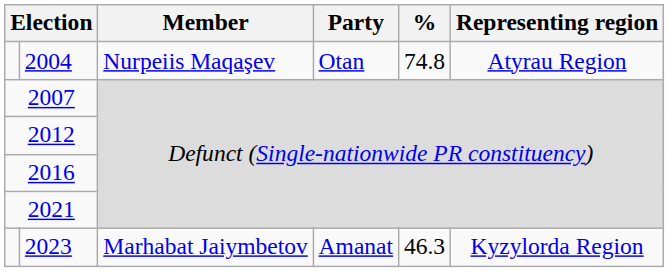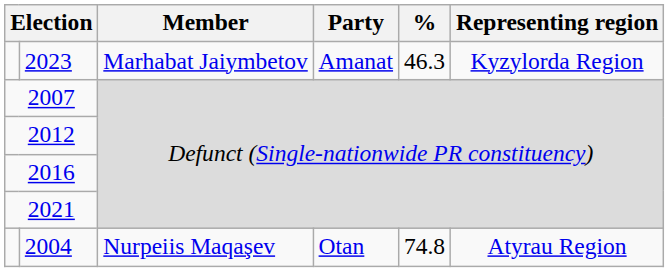 <table class="wikitable">
 <tr>
 <th colspan="2">Election</th>
 <th>Member</th>
 <th>Party</th>
 <th>%</th>
 <th>Representing region</th>
 </tr>
 <tr>
 <td style="background-color: "></td>
-<td><a href='#'>2004</a></td>
-<td><a href='#'>Nurpeiis Maqaşev</a></td>
-<td><a href='#'>Otan</a></td>
-<td align="right">74.8</td>
-<td align="center"><a href='#'>Atyrau Region</a></td>
+<td><a href='#'>2023</a></td>
+<td><a href='#'>Marhabat Jaiymbetov</a></td>
+<td><a href='#'>Amanat</a></td>
+<td align="right">46.3</td>
+<td align="center"><a href='#'>Kyzylorda Region</a></td>
 </tr>
 <tr>
 <td colspan="2" align="center"><a href='#'>2007</a></td>
 <td colspan="4" rowspan="4" align="center" style="background-color:#DCDCDC"><em>Defunct (<a href='#'>Single-nationwide PR constituency</a>)</em></td>
 </tr>
 <tr>
 <td colspan="2" align="center"><a href='#'>2012</a></td>
 </tr>
 <tr>
 <td colspan="2" align="center"><a href='#'>2016</a></td>
 </tr>
 <tr>
 <td colspan="2" align="center"><a href='#'>2021</a></td>
 </tr>
 <tr>
 <td style="background-color: "></td>
-<td><a href='#'>2023</a></td>
-<td><a href='#'>Marhabat Jaiymbetov</a></td>
-<td><a href='#'>Amanat</a></td>
-<td align="right">46.3</td>
-<td align="center"><a href='#'>Kyzylorda Region</a></td>
+<td><a href='#'>2004</a></td>
+<td><a href='#'>Nurpeiis Maqaşev</a></td>
+<td><a href='#'>Otan</a></td>
+<td align="right">74.8</td>
+<td align="center"><a href='#'>Atyrau Region</a></td>
 </tr>
 </table>
